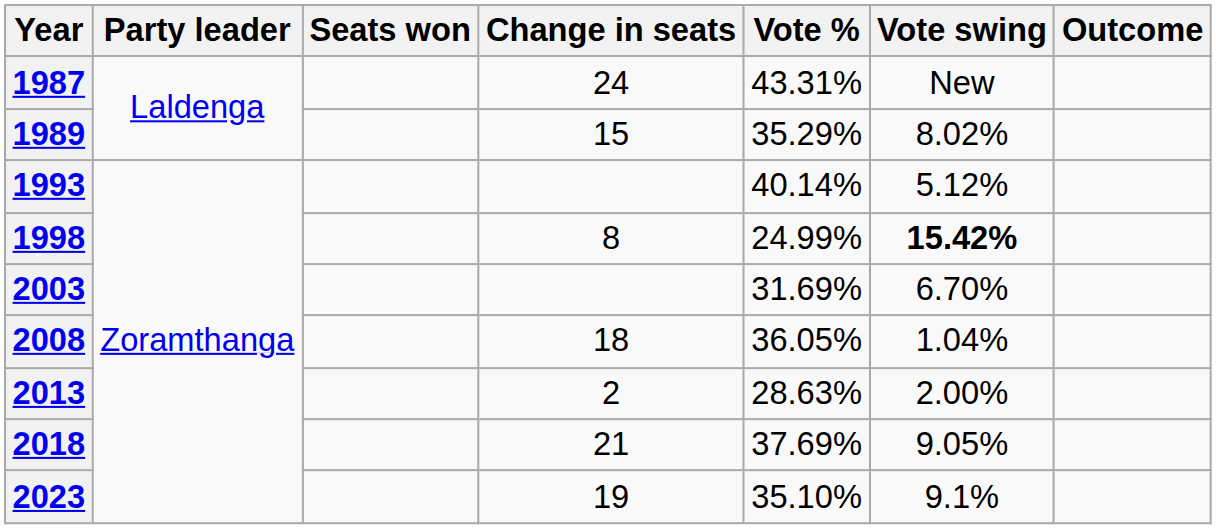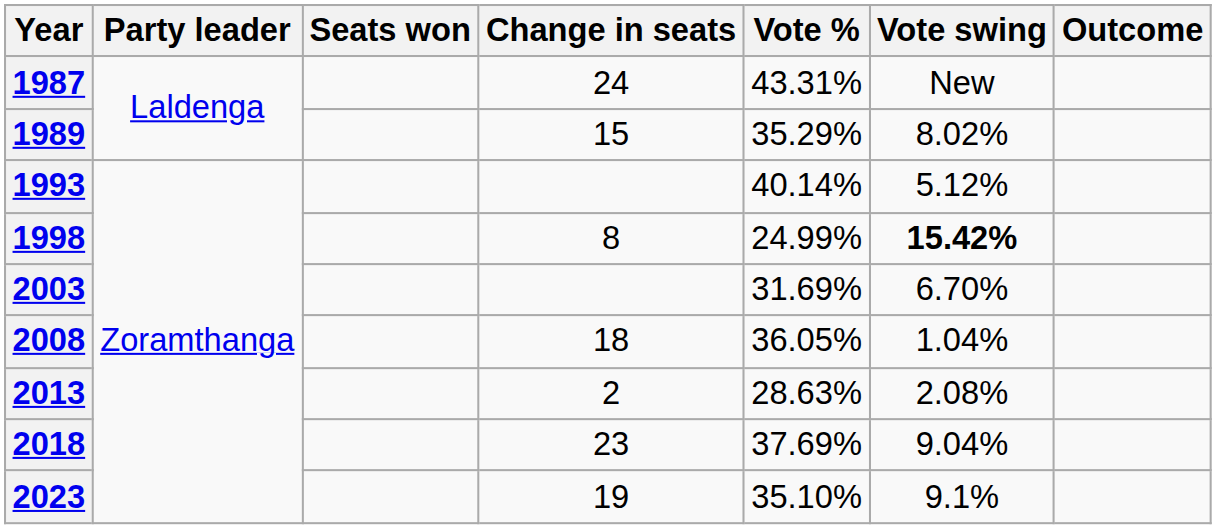 <table class="wikitable sortable">
 <tr>
 <th style="background-color:">Year</th>
 <th style="background-color:">Party leader</th>
 <th style="background-color:">Seats won</th>
 <th style="background-color:">Change in seats</th>
 <th style="background-color:">Vote %</th>
 <th style="background-color:">Vote swing</th>
 <th style="background-color:">Outcome</th>
 </tr>
 <tr style="text-align:center;">
 <th><a href='#'>1987</a></th>
 <td rowspan="2"><a href='#'>Laldenga</a></td>
 <td></td>
 <td> 24</td>
 <td>43.31%</td>
 <td>New</td>
 <td></td>
 </tr>
 <tr style="text-align:center;">
 <th><a href='#'>1989</a></th>
 <td></td>
 <td> 15</td>
 <td>35.29%</td>
 <td>  8.02%</td>
 <td></td>
 </tr>
 <tr style="text-align:center;">
 <th><a href='#'>1993</a></th>
 <td rowspan="7"><a href='#'>Zoramthanga</a></td>
 <td></td>
 <td></td>
 <td>40.14%</td>
 <td> 5.12%</td>
 <td></td>
 </tr>
 <tr style="text-align:center;">
 <th><a href='#'>1998</a></th>
 <td></td>
 <td> 8</td>
 <td>24.99%</td>
 <td><strong> 15.42%</strong></td>
 <td></td>
 </tr>
 <tr style="text-align:center;">
 <th><a href='#'>2003</a></th>
 <td></td>
 <td></td>
 <td>31.69%</td>
 <td> 6.70%</td>
 <td></td>
 </tr>
 <tr style="text-align:center;">
 <th><a href='#'>2008</a></th>
 <td></td>
 <td> 18</td>
 <td>36.05%</td>
 <td> 1.04%</td>
 <td></td>
 </tr>
 <tr style="text-align:center;">
 <th><a href='#'>2013</a></th>
 <td></td>
 <td> 2</td>
 <td>28.63%</td>
-<td> 2.00%</td>
+<td> 2.08%</td>
 <td></td>
 </tr>
 <tr style="text-align:center;">
 <th><a href='#'>2018</a></th>
 <td></td>
-<td> 21</td>
+<td> 23</td>
 <td>37.69%</td>
-<td> 9.05%</td>
+<td> 9.04%</td>
 <td></td>
 </tr>
 <tr style="text-align:center;">
 <th><a href='#'>2023</a></th>
 <td></td>
 <td> 19</td>
 <td>35.10%</td>
 <td> 9.1%</td>
 <td></td>
 </tr>
 </table>
